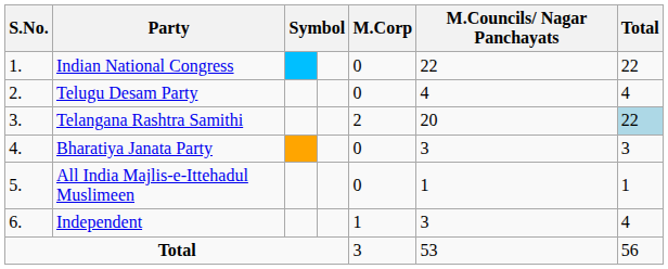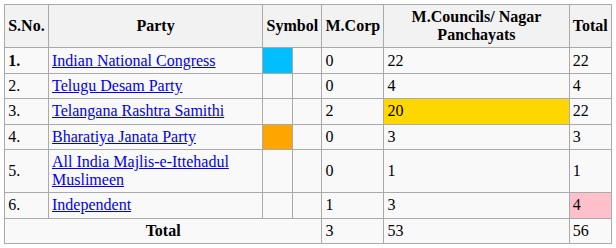 <table class="wikitable sortable">
 <tr>
 <th><strong>S.No.</strong></th>
 <th><strong>Party</strong></th>
 <th colspan="2"><strong>Symbol</strong></th>
 <th>M.Corp</th>
 <th>M.Councils/ Nagar Panchayats</th>
 <th>Total</th>
 </tr>
 <tr>
-<td>1.</td>
+<td><strong>1.</strong></td>
 <td><a href='#'>Indian National Congress</a></td>
 <td bgcolor="#00BFFF"></td>
 <td></td>
 <td>0</td>
 <td>22</td>
 <td>22</td>
 </tr>
 <tr>
 <td>2.</td>
 <td><a href='#'>Telugu Desam Party</a></td>
 <td></td>
 <td></td>
 <td>0</td>
 <td>4</td>
 <td>4</td>
 </tr>
 <tr>
 <td>3.</td>
 <td><a href='#'>Telangana Rashtra Samithi</a></td>
 <td></td>
 <td></td>
 <td>2</td>
-<td>20</td>
-<td style="background: lightblue;">22</td>
+<td style="background: gold;">20</td>
+<td>22</td>
 </tr>
 <tr>
 <td>4.</td>
 <td><a href='#'>Bharatiya Janata Party</a></td>
 <td bgcolor="orange"></td>
 <td></td>
 <td>0</td>
 <td>3</td>
 <td>3</td>
 </tr>
 <tr>
 <td>5.</td>
 <td><a href='#'>All India Majlis-e-Ittehadul Muslimeen</a></td>
 <td></td>
 <td></td>
 <td>0</td>
 <td>1</td>
 <td>1</td>
 </tr>
 <tr>
 <td>6.</td>
 <td><a href='#'>Independent</a></td>
 <td></td>
 <td></td>
 <td>1</td>
 <td>3</td>
-<td>4</td>
+<td style="background: pink;">4</td>
 </tr>
 <tr>
 <td colspan="4" align="center"><strong>Total</strong></td>
 <td>3</td>
 <td>53</td>
 <td>56</td>
 </tr>
 </table>
